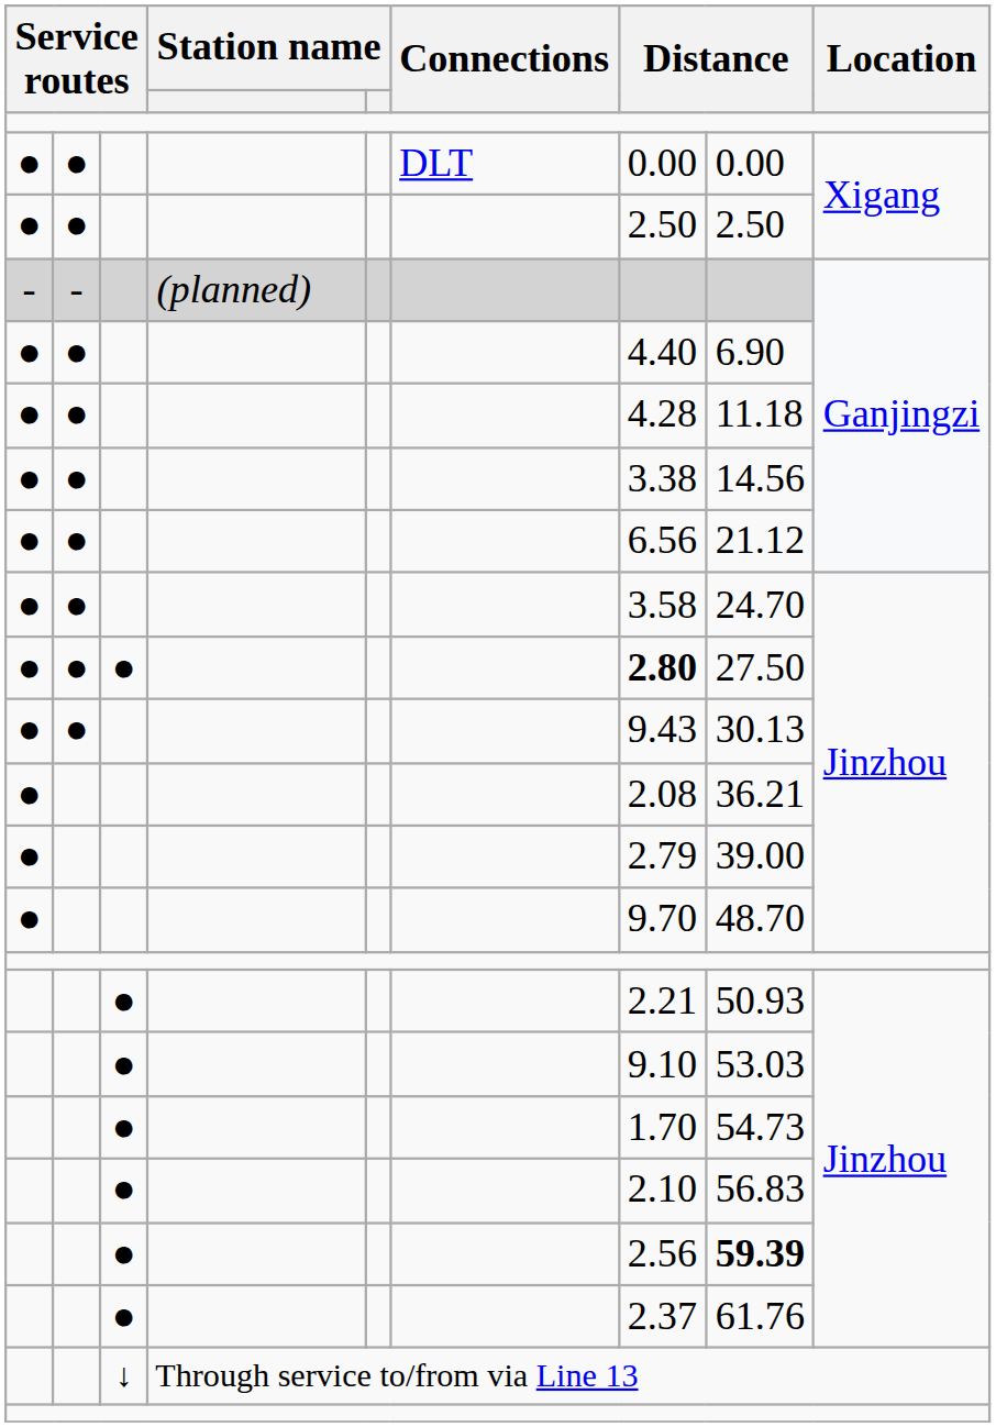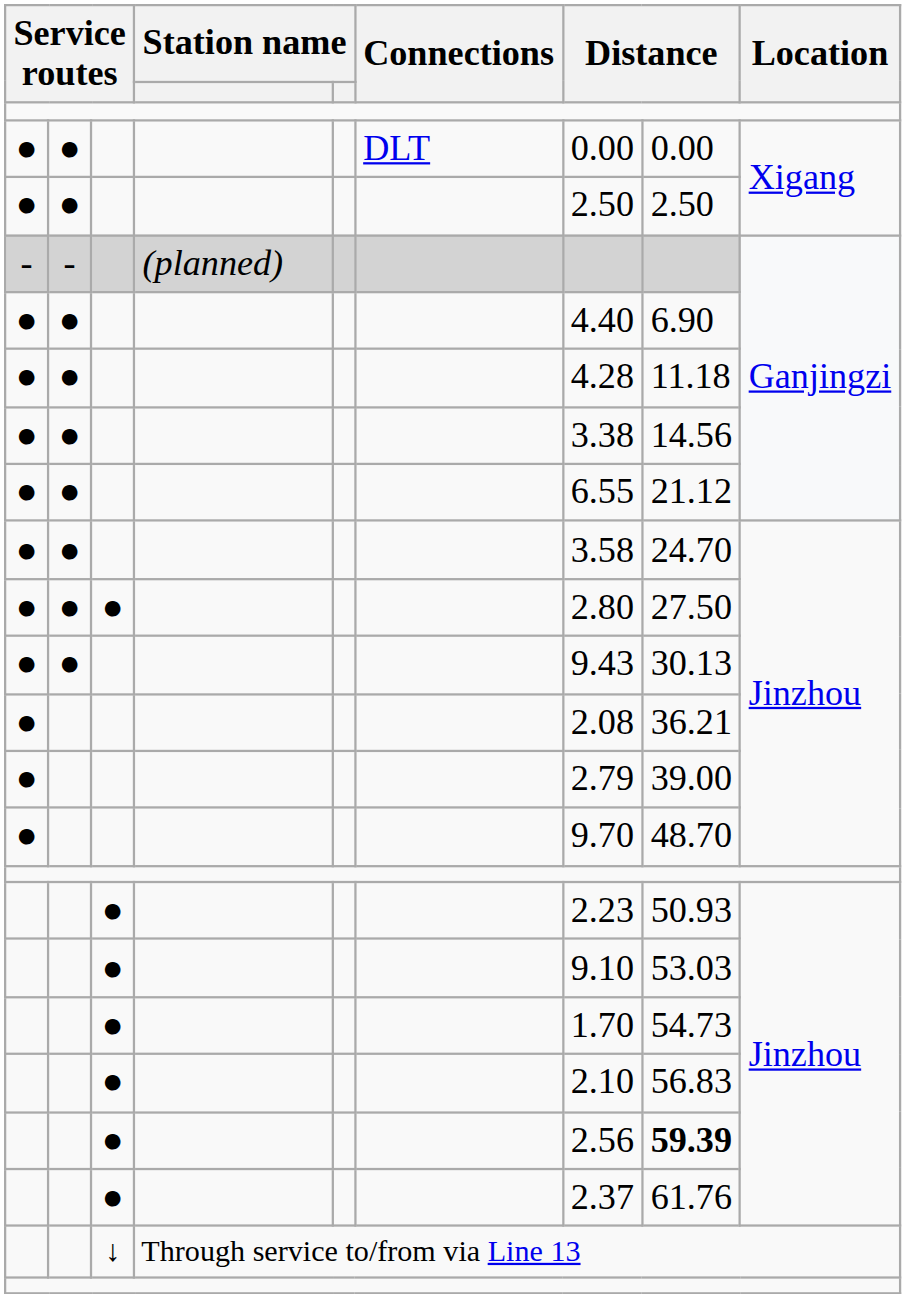 <table class="wikitable">
 <tr>
 <th colspan="3" rowspan="2">Service<br>routes</th>
 <th colspan="2">Station name</th>
 <th rowspan="2">Connections</th>
 <th colspan="2" rowspan="2">Distance<br></th>
 <th rowspan="2">Location</th>
 </tr>
 <tr>
 <th></th>
 <th></th>
 </tr>
 <tr style="background:#">
 <td colspan="9"></td>
 </tr>
 <tr>
 <td align="center">●</td>
 <td align="center">●</td>
 <td align="center"></td>
 <td></td>
 <td></td>
 <td>  <a href='#'>DLT</a></td>
 <td>0.00</td>
 <td>0.00</td>
 <td rowspan="2"><a href='#'>Xigang</a></td>
 </tr>
 <tr>
 <td align="center">●</td>
 <td align="center">●</td>
 <td align="center"></td>
 <td></td>
 <td></td>
 <td></td>
 <td>2.50</td>
 <td>2.50</td>
 </tr>
 <tr bgcolor="lightgrey">
 <td align="center">-</td>
 <td align="center">-</td>
 <td align="center"></td>
 <td><em> (planned)</em></td>
 <td></td>
 <td></td>
 <td></td>
 <td></td>
 <td bgcolor=#F8F9FA rowspan="5"><a href='#'>Ganjingzi</a></td>
 </tr>
 <tr>
 <td align="center">●</td>
 <td align="center">●</td>
 <td align="center"></td>
 <td></td>
 <td></td>
 <td></td>
 <td>4.40</td>
 <td>6.90</td>
 </tr>
 <tr>
 <td align="center">●</td>
 <td align="center">●</td>
 <td align="center"></td>
 <td></td>
 <td></td>
 <td></td>
 <td>4.28</td>
 <td>11.18</td>
 </tr>
 <tr>
 <td align="center">●</td>
 <td align="center">●</td>
 <td align="center"></td>
 <td></td>
 <td></td>
 <td></td>
 <td>3.38</td>
 <td>14.56</td>
 </tr>
 <tr>
 <td align="center">●</td>
 <td align="center">●</td>
 <td align="center"></td>
 <td></td>
 <td></td>
 <td></td>
-<td>6.56</td>
+<td>6.55</td>
 <td>21.12</td>
 </tr>
 <tr>
 <td align="center">●</td>
 <td align="center">●</td>
 <td align="center"></td>
 <td></td>
 <td></td>
 <td></td>
 <td>3.58</td>
 <td>24.70</td>
 <td rowspan="6"><a href='#'>Jinzhou</a></td>
 </tr>
 <tr>
 <td align="center">●</td>
 <td align="center">●</td>
 <td align="center">●</td>
 <td></td>
 <td></td>
 <td></td>
-<td><strong>2.80</strong></td>
+<td>2.80</td>
 <td>27.50</td>
 </tr>
 <tr>
 <td align="center">●</td>
 <td align="center">●</td>
 <td align="center"></td>
 <td></td>
 <td></td>
 <td></td>
 <td>9.43</td>
 <td>30.13</td>
 </tr>
 <tr>
 <td align="center">●</td>
 <td align="center"></td>
 <td align="center"></td>
 <td></td>
 <td></td>
 <td></td>
 <td>2.08</td>
 <td>36.21</td>
 </tr>
 <tr>
 <td align="center">●</td>
 <td align="center"></td>
 <td align="center"></td>
 <td></td>
 <td></td>
 <td></td>
 <td>2.79</td>
 <td>39.00</td>
 </tr>
 <tr>
 <td align="center">●</td>
 <td align="center"></td>
 <td align="center"></td>
 <td></td>
 <td></td>
 <td></td>
 <td>9.70</td>
 <td>48.70</td>
 </tr>
 <tr style="background:#">
 <td colspan="9"></td>
 </tr>
 <tr>
 <td align="center"></td>
 <td align="center"></td>
 <td align="center">●</td>
 <td></td>
 <td></td>
 <td></td>
-<td>2.21</td>
+<td>2.23</td>
 <td>50.93</td>
 <td rowspan=6><a href='#'>Jinzhou</a></td>
 </tr>
 <tr>
 <td align="center"></td>
 <td align="center"></td>
 <td align="center">●</td>
 <td></td>
 <td></td>
 <td></td>
 <td>9.10</td>
 <td>53.03</td>
 </tr>
 <tr>
 <td align="center"></td>
 <td align="center"></td>
 <td align="center">●</td>
 <td></td>
 <td></td>
 <td></td>
 <td>1.70</td>
 <td>54.73</td>
 </tr>
 <tr>
 <td align="center"></td>
 <td align="center"></td>
 <td align="center">●</td>
 <td></td>
 <td></td>
 <td></td>
 <td>2.10</td>
 <td>56.83</td>
 </tr>
 <tr>
 <td align="center"></td>
 <td align="center"></td>
 <td align="center">●</td>
 <td></td>
 <td></td>
 <td></td>
 <td>2.56</td>
 <td><strong>59.39</strong></td>
 </tr>
 <tr>
 <td align="center"></td>
 <td align="center"></td>
 <td align="center">●</td>
 <td></td>
 <td></td>
 <td></td>
 <td>2.37</td>
 <td>61.76</td>
 </tr>
 <tr style="font-size:smaller">
 <td align="center"></td>
 <td align="center"></td>
 <td align="center" style="background:#">↓</td>
 <td colspan=6>Through service to/from  via <a href='#'>Line 13</a></td>
 </tr>
 <tr style="background:#">
 <td colspan="9"></td>
 </tr>
 </table>
